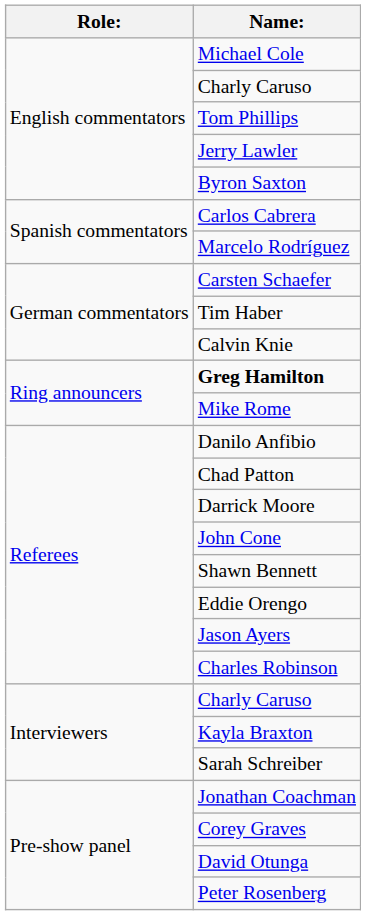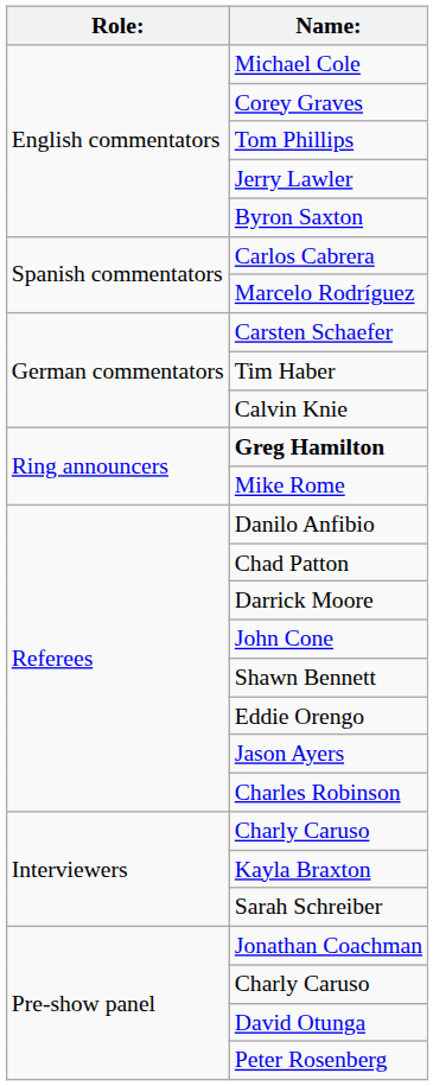 <table class=wikitable style="font-size:90%; margin: 0.5em 0 0.5em 1em; float: right; clear: right;">
 <tr>
 <th>Role:</th>
 <th>Name:</th>
 </tr>
 <tr>
 <td rowspan=5>English commentators</td>
 <td><a href='#'>Michael Cole</a> </td>
 </tr>
 <tr>
-<td>Charly Caruso</td>
+<td><a href='#'>Corey Graves</a> </td>
 </tr>
 <tr>
 <td><a href='#'>Tom Phillips</a> </td>
 </tr>
 <tr>
 <td><a href='#'>Jerry Lawler</a> </td>
 </tr>
 <tr>
 <td><a href='#'>Byron Saxton</a> </td>
 </tr>
 <tr>
 <td rowspan=2>Spanish commentators</td>
 <td><a href='#'>Carlos Cabrera</a></td>
 </tr>
 <tr>
 <td><a href='#'>Marcelo Rodríguez</a></td>
 </tr>
 <tr>
 <td rowspan=3>German commentators</td>
 <td><a href='#'>Carsten Schaefer</a></td>
 </tr>
 <tr>
 <td>Tim Haber</td>
 </tr>
 <tr>
 <td>Calvin Knie</td>
 </tr>
 <tr>
 <td rowspan=2><a href='#'>Ring announcers</a></td>
 <td><strong>Greg Hamilton </strong></td>
 </tr>
 <tr>
 <td><a href='#'>Mike Rome</a> </td>
 </tr>
 <tr>
 <td rowspan=8><a href='#'>Referees</a></td>
 <td>Danilo Anfibio</td>
 </tr>
 <tr>
 <td>Chad Patton</td>
 </tr>
 <tr>
 <td>Darrick Moore</td>
 </tr>
 <tr>
 <td><a href='#'>John Cone</a></td>
 </tr>
 <tr>
 <td>Shawn Bennett</td>
 </tr>
 <tr>
 <td>Eddie Orengo</td>
 </tr>
 <tr>
 <td><a href='#'>Jason Ayers</a></td>
 </tr>
 <tr>
 <td><a href='#'>Charles Robinson</a></td>
 </tr>
 <tr>
 <td rowspan=3>Interviewers</td>
 <td><a href='#'>Charly Caruso</a></td>
 </tr>
 <tr>
 <td><a href='#'>Kayla Braxton</a></td>
 </tr>
 <tr>
 <td>Sarah Schreiber</td>
 </tr>
 <tr>
 <td rowspan=4>Pre-show panel</td>
 <td><a href='#'>Jonathan Coachman</a></td>
 </tr>
 <tr>
-<td><a href='#'>Corey Graves</a> </td>
+<td>Charly Caruso</td>
 </tr>
 <tr>
 <td><a href='#'>David Otunga</a></td>
 </tr>
 <tr>
 <td><a href='#'>Peter Rosenberg</a></td>
 </tr>
 </table>
